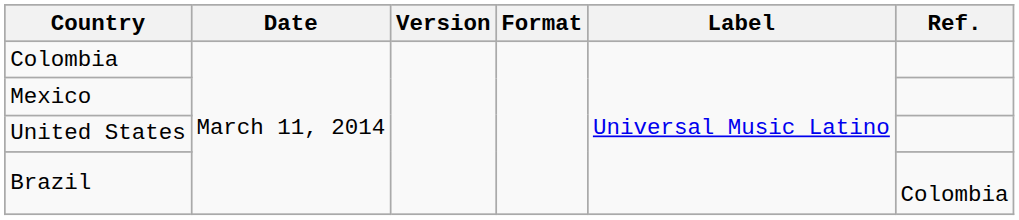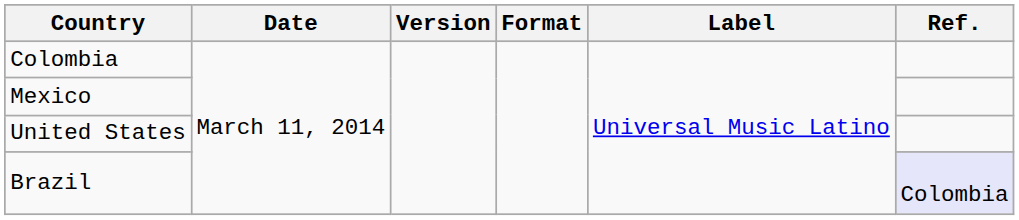 <table class="wikitable">
 <tr>
 <th>Country</th>
 <th>Date</th>
 <th>Version</th>
 <th>Format</th>
 <th>Label</th>
 <th>Ref.</th>
 </tr>
 <tr>
 <td>Colombia</td>
 <td rowspan="4">March 11, 2014</td>
 <td rowspan="4"></td>
 <td rowspan="4"></td>
 <td rowspan="4"><a href='#'>Universal Music Latino</a></td>
 <td></td>
 </tr>
 <tr>
 <td>Mexico</td>
 <td></td>
 </tr>
 <tr>
 <td>United States</td>
 <td></td>
 </tr>
 <tr>
 <td>Brazil</td>
-<td><br>Colombia </td>
+<td style="background: lavender;"><br>Colombia </td>
 </tr>
 </table>
